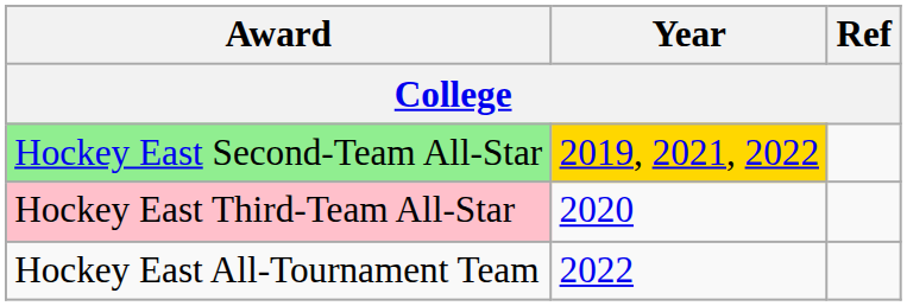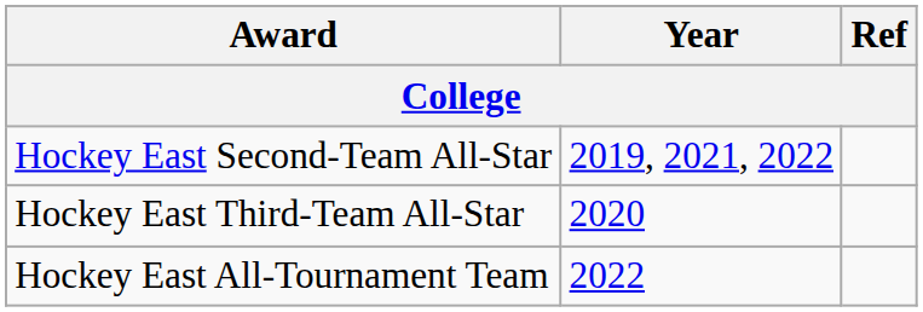 <table class="wikitable">
 <tr>
 <th>Award</th>
 <th>Year</th>
 <th>Ref</th>
 </tr>
 <tr>
 <th colspan="3"><a href='#'>College</a></th>
 </tr>
 <tr>
-<td style="background: lightgreen;"><a href='#'>Hockey East</a> Second-Team All-Star</td>
-<td style="background: gold;"><a href='#'>2019</a>, <a href='#'>2021</a>, <a href='#'>2022</a></td>
+<td><a href='#'>Hockey East</a> Second-Team All-Star</td>
+<td><a href='#'>2019</a>, <a href='#'>2021</a>, <a href='#'>2022</a></td>
 <td></td>
 </tr>
 <tr>
-<td style="background: pink;">Hockey East Third-Team All-Star</td>
+<td>Hockey East Third-Team All-Star</td>
 <td><a href='#'>2020</a></td>
 <td></td>
 </tr>
 <tr>
 <td>Hockey East All-Tournament Team</td>
 <td><a href='#'>2022</a></td>
 <td></td>
 </tr>
 </table>
